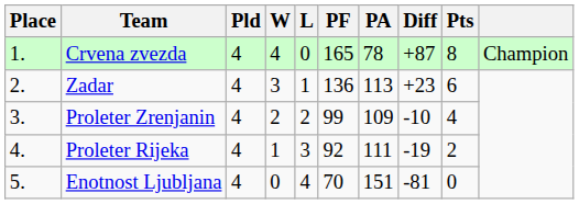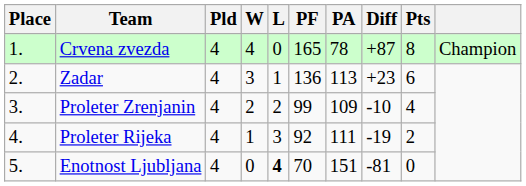 <table class="wikitable">
 <tr>
 <th>Place</th>
 <th>Team</th>
 <th>Pld</th>
 <th>W</th>
 <th>L</th>
 <th>PF</th>
 <th>PA</th>
 <th>Diff</th>
 <th>Pts</th>
 <th></th>
 </tr>
 <tr bgcolor=#ccffcc>
 <td>1.</td>
 <td><a href='#'>Crvena zvezda</a></td>
 <td>4</td>
 <td>4</td>
 <td>0</td>
 <td>165</td>
 <td>78</td>
 <td>+87</td>
 <td>8</td>
 <td rowspan="1">Champion</td>
 </tr>
 <tr>
 <td>2.</td>
 <td><a href='#'>Zadar</a></td>
 <td>4</td>
 <td>3</td>
 <td>1</td>
 <td>136</td>
 <td>113</td>
 <td>+23</td>
 <td>6</td>
 <td rowspan="4"></td>
 </tr>
 <tr>
 <td>3.</td>
 <td><a href='#'>Proleter Zrenjanin</a></td>
 <td>4</td>
 <td>2</td>
 <td>2</td>
 <td>99</td>
 <td>109</td>
 <td>-10</td>
 <td>4</td>
 </tr>
 <tr>
 <td>4.</td>
 <td><a href='#'>Proleter Rijeka</a></td>
 <td>4</td>
 <td>1</td>
 <td>3</td>
 <td>92</td>
 <td>111</td>
 <td>-19</td>
 <td>2</td>
 </tr>
 <tr>
 <td>5.</td>
 <td><a href='#'>Enotnost Ljubljana</a></td>
 <td>4</td>
 <td>0</td>
-<td>4</td>
+<td><strong>4</strong></td>
 <td>70</td>
 <td>151</td>
 <td>-81</td>
 <td>0</td>
 </tr>
 </table>
